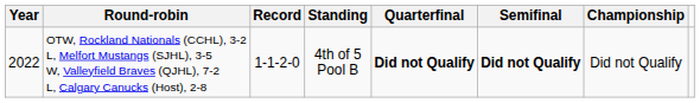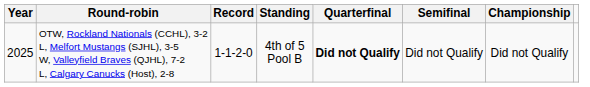 <table class="wikitable" style="text-align:center;">
 <tr>
 <th>Year</th>
 <th>Round-robin</th>
 <th>Record</th>
 <th>Standing</th>
 <th>Quarterfinal</th>
 <th>Semifinal</th>
 <th>Championship</th>
 <td></td>
 </tr>
 <tr>
-<td>2022</td>
+<td>2025</td>
 <td align=left><small>OTW, <a href='#'>Rockland Nationals</a> (CCHL), 3-2<br>L, <a href='#'>Melfort Mustangs</a> (SJHL), 3-5<br>W, <a href='#'>Valleyfield Braves</a> (QJHL), 7-2<br>L, <a href='#'>Calgary Canucks</a> (Host), 2-8</small></td>
 <td>1-1-2-0</td>
 <td>4th of 5 <br>Pool B</td>
 <td><strong>Did not Qualify</strong></td>
-<td><strong>Did not Qualify</strong></td>
+<td>Did not Qualify</td>
 <td>Did not Qualify</td>
 </tr>
 </table>
